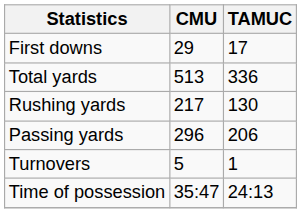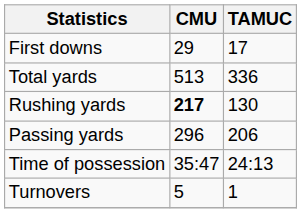 <table class="wikitable" style="float: left;">
 <tr>
 <th>Statistics</th>
 <th>CMU</th>
 <th>TAMUC</th>
 </tr>
 <tr>
 <td>First downs</td>
 <td>29</td>
 <td>17</td>
 </tr>
 <tr>
 <td>Total yards</td>
 <td>513</td>
 <td>336</td>
 </tr>
 <tr>
 <td>Rushing yards</td>
-<td>217</td>
+<td><strong>217</strong></td>
 <td>130</td>
 </tr>
 <tr>
 <td>Passing yards</td>
 <td>296</td>
 <td>206</td>
 </tr>
 <tr>
+<td>Time of possession</td>
+<td>35:47</td>
+<td>24:13</td>
+</tr>
+<tr>
 <td>Turnovers</td>
 <td>5</td>
 <td>1</td>
 </tr>
 <tr>
-<td>Time of possession</td>
-<td>35:47</td>
-<td>24:13</td>
-</tr>
-<tr>
 </tr>
 </table>
